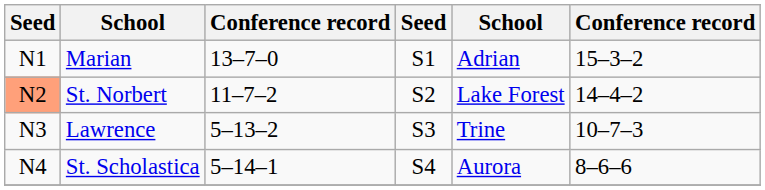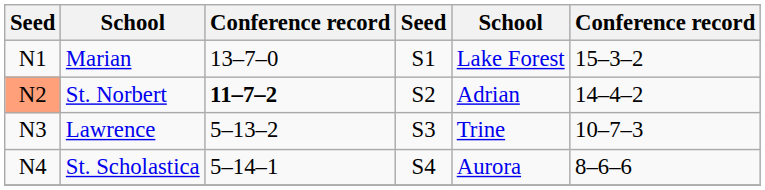 <table class="wikitable">
 <tr>
 <th>Seed</th>
 <th>School</th>
 <th>Conference record</th>
 <th>Seed</th>
 <th>School</th>
 <th>Conference record</th>
 </tr>
 <tr>
 <td align=center>N1</td>
 <td><a href='#'>Marian</a></td>
 <td>13–7–0</td>
 <td align=center>S1</td>
-<td><a href='#'>Adrian</a></td>
+<td><a href='#'>Lake Forest</a></td>
 <td>15–3–2</td>
 </tr>
 <tr>
 <td align=center style="background: lightsalmon;">N2</td>
 <td><a href='#'>St. Norbert</a></td>
-<td>11–7–2</td>
+<td><strong>11–7–2</strong></td>
 <td align=center>S2</td>
-<td><a href='#'>Lake Forest</a></td>
+<td><a href='#'>Adrian</a></td>
 <td>14–4–2</td>
 </tr>
 <tr>
 <td align=center>N3</td>
 <td><a href='#'>Lawrence</a></td>
 <td>5–13–2</td>
 <td align=center>S3</td>
 <td><a href='#'>Trine</a></td>
 <td>10–7–3</td>
 </tr>
 <tr>
 <td align=center>N4</td>
 <td><a href='#'>St. Scholastica</a></td>
 <td>5–14–1</td>
 <td align=center>S4</td>
 <td><a href='#'>Aurora</a></td>
 <td>8–6–6</td>
 </tr>
 <tr>
 </tr>
 </table>
